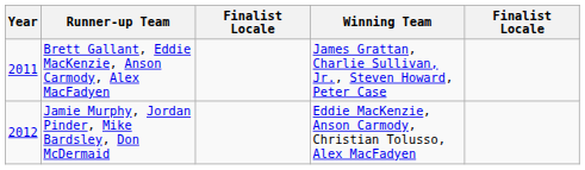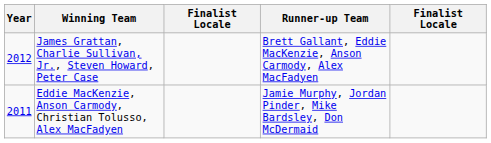 <table class="wikitable">
 <tr>
 <th width="5%">Year</th>
+<th width="27%">Winning Team</th>
+<th width= >Finalist Locale</th>
 <th width="27%">Runner-up Team</th>
-<th width= >Finalist Locale</th>
-<th width="27%">Winning Team</th>
 <th width= >Finalist Locale</th>
 </tr>
 <tr>
-<td><a href='#'>2011</a></td>
+<td><a href='#'>2012</a></td>
+<td><a href='#'>James Grattan</a>, <a href='#'>Charlie Sullivan, Jr.</a>, <a href='#'>Steven Howard</a>, <a href='#'>Peter Case</a></td>
+<td></td>
 <td><a href='#'>Brett Gallant</a>, <a href='#'>Eddie MacKenzie</a>, <a href='#'>Anson Carmody</a>, <a href='#'>Alex MacFadyen</a></td>
-<td></td>
-<td><a href='#'>James Grattan</a>, <a href='#'>Charlie Sullivan, Jr.</a>, <a href='#'>Steven Howard</a>, <a href='#'>Peter Case</a></td>
 <td></td>
 </tr>
 <tr>
-<td><a href='#'>2012</a></td>
+<td><a href='#'>2011</a></td>
+<td><a href='#'>Eddie MacKenzie</a>, <a href='#'>Anson Carmody</a>,  Christian Tolusso, <a href='#'>Alex MacFadyen</a></td>
+<td></td>
 <td><a href='#'>Jamie Murphy</a>, <a href='#'>Jordan Pinder</a>,  <a href='#'>Mike Bardsley</a>, <a href='#'>Don McDermaid</a></td>
-<td></td>
-<td><a href='#'>Eddie MacKenzie</a>, <a href='#'>Anson Carmody</a>,  Christian Tolusso, <a href='#'>Alex MacFadyen</a></td>
 <td></td>
 </tr>
 </table>
